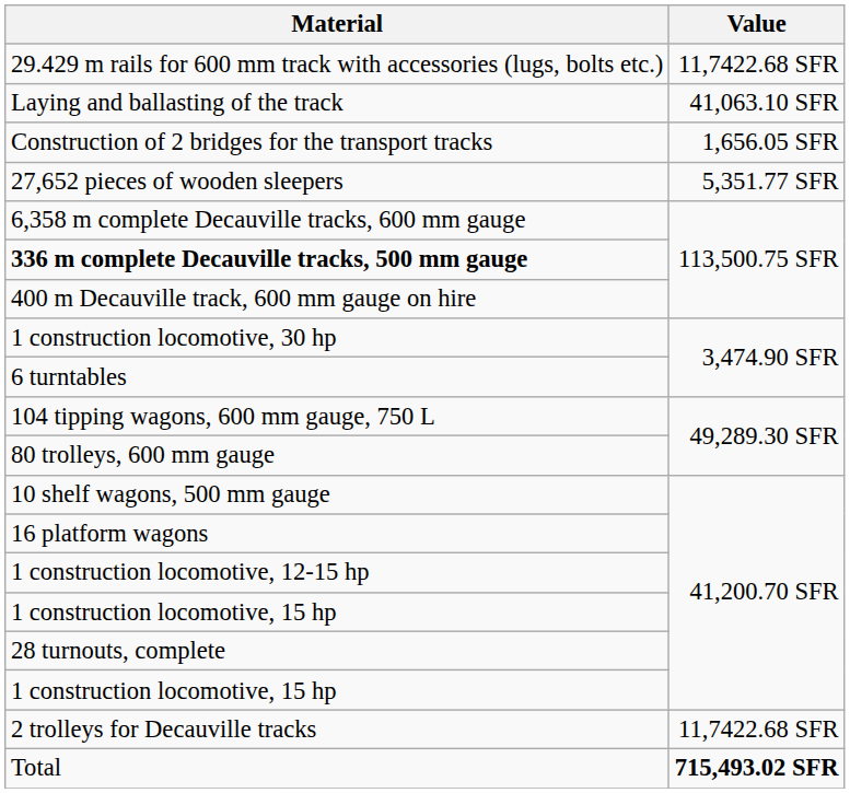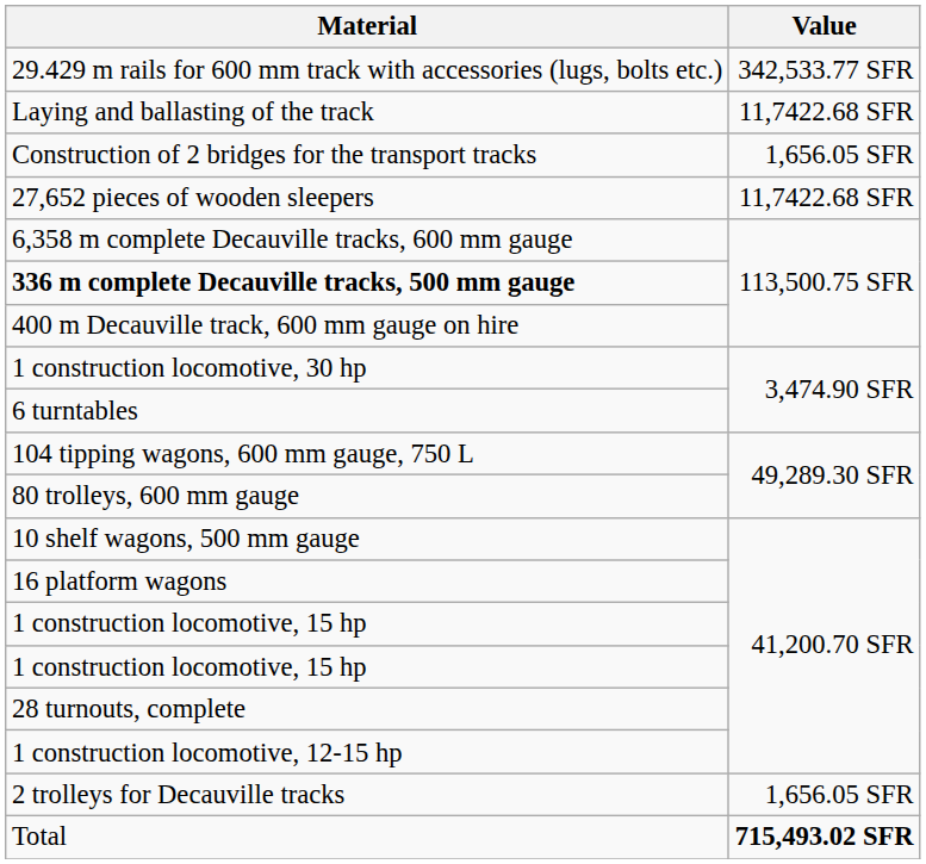 <table class="wikitable float-right mw-collapsible mw-collapsed">
 <tr>
 <th>Material</th>
 <th>Value</th>
 </tr>
 <tr>
 <td>29.429 m rails for 600 mm track with accessories (lugs, bolts etc.)</td>
-<td style="text-align:right">11,7422.68 SFR</td>
+<td style="text-align:right">342,533.77 SFR</td>
 </tr>
 <tr>
 <td>Laying and ballasting of the track</td>
-<td style="text-align:right">41,063.10 SFR</td>
+<td style="text-align:right">11,7422.68 SFR</td>
 </tr>
 <tr>
 <td>Construction of 2 bridges for the transport tracks</td>
 <td style="text-align:right">1,656.05 SFR</td>
 </tr>
 <tr>
 <td>27,652 pieces of wooden sleepers</td>
-<td style="text-align:right">5,351.77 SFR</td>
+<td style="text-align:right">11,7422.68 SFR</td>
 </tr>
 <tr>
 <td>6,358 m complete Decauville tracks, 600 mm gauge</td>
 <td rowspan="3" style="text-align:right">113,500.75 SFR</td>
 </tr>
 <tr>
 <td><strong>336 m complete Decauville tracks, 500 mm gauge</strong></td>
 </tr>
 <tr>
 <td>400 m Decauville track, 600 mm gauge on hire</td>
 </tr>
 <tr>
 <td>1 construction locomotive, 30 hp</td>
 <td rowspan="2" style="text-align:right">3,474.90 SFR</td>
 </tr>
 <tr>
 <td>6 turntables</td>
 </tr>
 <tr>
 <td>104 tipping wagons, 600 mm gauge, 750 L</td>
 <td rowspan="2" style="text-align:right">49,289.30 SFR</td>
 </tr>
 <tr>
 <td>80 trolleys, 600 mm gauge</td>
 </tr>
 <tr>
 <td>10 shelf wagons, 500 mm gauge</td>
 <td rowspan="6" style="text-align:right">41,200.70 SFR</td>
 </tr>
 <tr>
 <td>16 platform wagons</td>
 </tr>
 <tr>
-<td>1 construction locomotive, 12-15 hp</td>
+<td>1 construction locomotive, 15 hp</td>
 </tr>
 <tr>
 <td>1 construction locomotive, 15 hp</td>
 </tr>
 <tr>
 <td>28 turnouts, complete</td>
 </tr>
 <tr>
-<td>1 construction locomotive, 15 hp</td>
+<td>1 construction locomotive, 12-15 hp</td>
 </tr>
 <tr>
 <td>2 trolleys for Decauville tracks</td>
-<td style="text-align:right">11,7422.68 SFR</td>
+<td style="text-align:right">1,656.05 SFR</td>
 </tr>
 <tr>
 <td>Total</td>
 <td style="text-align:right"><strong>715,493.02 SFR</strong></td>
 </tr>
 </table>
